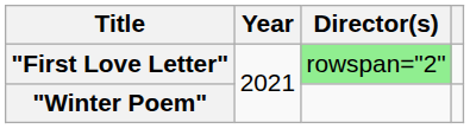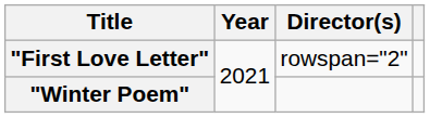 <table class="wikitable plainrowheaders" style="text-align:center">
 <tr>
 <th scope="col">Title</th>
 <th scope="col">Year</th>
 <th scope="col">Director(s)</th>
 <th scope="col"></th>
 </tr>
 <tr>
 <th scope="row">"First Love Letter"</th>
 <td rowspan="2">2021</td>
-<td style="background: lightgreen;">rowspan="2" </td>
+<td>rowspan="2" </td>
 <td></td>
 </tr>
 <tr>
 <th scope="row">"Winter Poem"</th>
 <td></td>
 </tr>
 </table>
